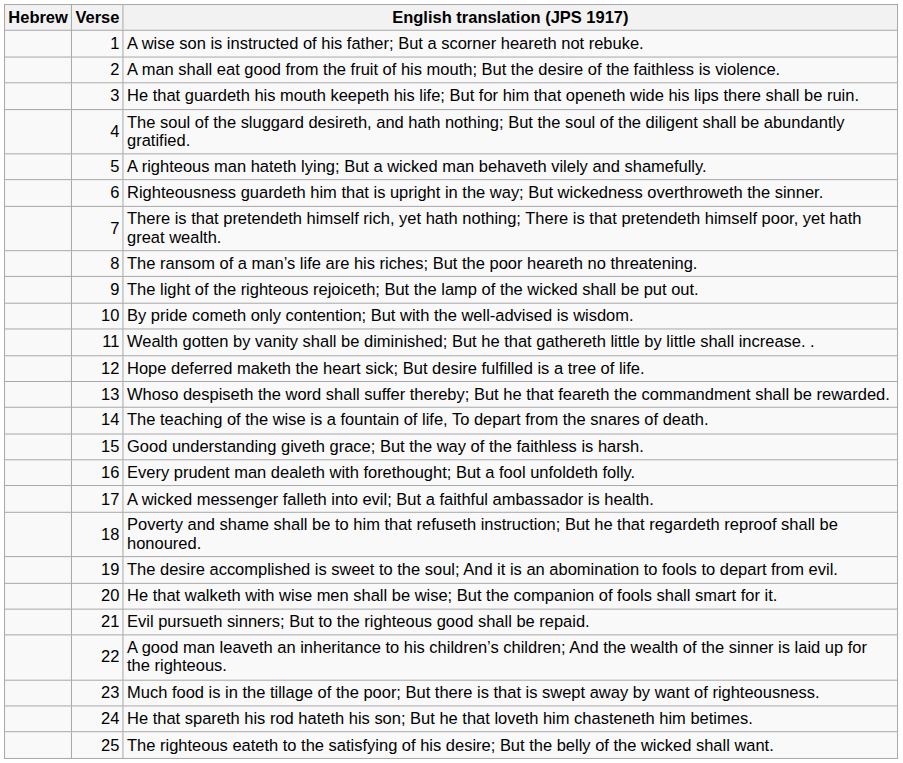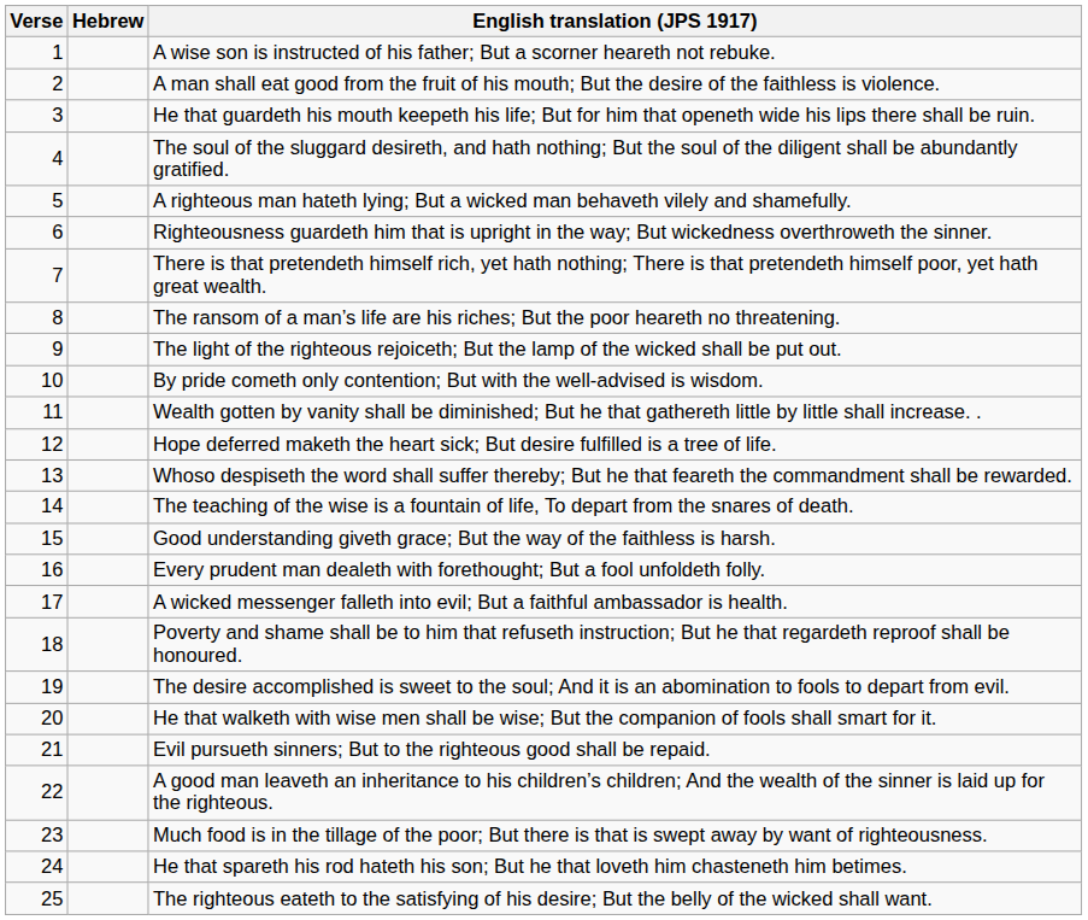 <table class="wikitable">
 <tr>
+<th>Verse</th>
 <th>Hebrew</th>
-<th>Verse</th>
 <th>English translation (JPS 1917)</th>
 </tr>
 <tr>
+<td style="text-align:right">1</td>
 <td style="text-align:right"></td>
-<td style="text-align:right">1</td>
 <td>A wise son is instructed of his father; But a scorner heareth not rebuke.</td>
 </tr>
 <tr>
+<td style="text-align:right">2</td>
 <td style="text-align:right"></td>
-<td style="text-align:right">2</td>
 <td>A man shall eat good from the fruit of his mouth; But the desire of the faithless is violence.</td>
 </tr>
 <tr>
+<td style="text-align:right">3</td>
 <td style="text-align:right"></td>
-<td style="text-align:right">3</td>
 <td>He that guardeth his mouth keepeth his life; But for him that openeth wide his lips there shall be ruin.</td>
 </tr>
 <tr>
+<td style="text-align:right">4</td>
 <td style="text-align:right"></td>
-<td style="text-align:right">4</td>
 <td>The soul of the sluggard desireth, and hath nothing; But the soul of the diligent shall be abundantly gratified.</td>
 </tr>
 <tr>
+<td style="text-align:right">5</td>
 <td style="text-align:right"></td>
-<td style="text-align:right">5</td>
 <td>A righteous man hateth lying; But a wicked man behaveth vilely and shamefully.</td>
 </tr>
 <tr>
+<td style="text-align:right">6</td>
 <td style="text-align:right"></td>
-<td style="text-align:right">6</td>
 <td>Righteousness guardeth him that is upright in the way; But wickedness overthroweth the sinner.</td>
 </tr>
 <tr>
+<td style="text-align:right">7</td>
 <td style="text-align:right"></td>
-<td style="text-align:right">7</td>
 <td>There is that pretendeth himself rich, yet hath nothing; There is that pretendeth himself poor, yet hath great wealth.</td>
 </tr>
 <tr>
+<td style="text-align:right">8</td>
 <td style="text-align:right"></td>
-<td style="text-align:right">8</td>
 <td>The ransom of a man’s life are his riches; But the poor heareth no threatening.</td>
 </tr>
 <tr>
+<td style="text-align:right">9</td>
 <td style="text-align:right"></td>
-<td style="text-align:right">9</td>
 <td>The light of the righteous rejoiceth; But the lamp of the wicked shall be put out.</td>
 </tr>
 <tr>
+<td style="text-align:right">10</td>
 <td style="text-align:right"></td>
-<td style="text-align:right">10</td>
 <td>By pride cometh only contention; But with the well-advised is wisdom.</td>
 </tr>
 <tr>
+<td style="text-align:right">11</td>
 <td style="text-align:right"></td>
-<td style="text-align:right">11</td>
 <td>Wealth gotten by vanity shall be diminished; But he that gathereth little by little shall increase. .</td>
 </tr>
 <tr>
+<td style="text-align:right">12</td>
 <td style="text-align:right"></td>
-<td style="text-align:right">12</td>
 <td>Hope deferred maketh the heart sick; But desire fulfilled is a tree of life.</td>
 </tr>
 <tr>
+<td style="text-align:right">13</td>
 <td style="text-align:right"></td>
-<td style="text-align:right">13</td>
 <td>Whoso despiseth the word shall suffer thereby; But he that feareth the commandment shall be rewarded.</td>
 </tr>
 <tr>
+<td style="text-align:right">14</td>
 <td style="text-align:right"></td>
-<td style="text-align:right">14</td>
 <td>The teaching of the wise is a fountain of life, To depart from the snares of death.</td>
 </tr>
 <tr>
+<td style="text-align:right">15</td>
 <td style="text-align:right"></td>
-<td style="text-align:right">15</td>
 <td>Good understanding giveth grace; But the way of the faithless is harsh.</td>
 </tr>
 <tr>
+<td style="text-align:right">16</td>
 <td style="text-align:right"></td>
-<td style="text-align:right">16</td>
 <td>Every prudent man dealeth with forethought; But a fool unfoldeth folly.</td>
 </tr>
 <tr>
+<td style="text-align:right">17</td>
 <td style="text-align:right"></td>
-<td style="text-align:right">17</td>
 <td>A wicked messenger falleth into evil; But a faithful ambassador is health.</td>
 </tr>
 <tr>
+<td style="text-align:right">18</td>
 <td style="text-align:right"></td>
-<td style="text-align:right">18</td>
 <td>Poverty and shame shall be to him that refuseth instruction; But he that regardeth reproof shall be honoured.</td>
 </tr>
 <tr>
+<td style="text-align:right">19</td>
 <td style="text-align:right"></td>
-<td style="text-align:right">19</td>
 <td>The desire accomplished is sweet to the soul; And it is an abomination to fools to depart from evil.</td>
 </tr>
 <tr>
+<td style="text-align:right">20</td>
 <td style="text-align:right"></td>
-<td style="text-align:right">20</td>
 <td>He that walketh with wise men shall be wise; But the companion of fools shall smart for it.</td>
 </tr>
 <tr>
+<td style="text-align:right">21</td>
 <td style="text-align:right"></td>
-<td style="text-align:right">21</td>
 <td>Evil pursueth sinners; But to the righteous good shall be repaid.</td>
 </tr>
 <tr>
+<td style="text-align:right">22</td>
 <td style="text-align:right"></td>
-<td style="text-align:right">22</td>
 <td>A good man leaveth an inheritance to his children’s children; And the wealth of the sinner is laid up for the righteous.</td>
 </tr>
 <tr>
+<td style="text-align:right">23</td>
 <td style="text-align:right"></td>
-<td style="text-align:right">23</td>
 <td>Much food is in the tillage of the poor; But there is that is swept away by want of righteousness.</td>
 </tr>
 <tr>
+<td style="text-align:right">24</td>
 <td style="text-align:right"></td>
-<td style="text-align:right">24</td>
 <td>He that spareth his rod hateth his son; But he that loveth him chasteneth him betimes.</td>
 </tr>
 <tr>
+<td style="text-align:right">25</td>
 <td style="text-align:right"></td>
-<td style="text-align:right">25</td>
 <td>The righteous eateth to the satisfying of his desire; But the belly of the wicked shall want.</td>
 </tr>
 </table>
